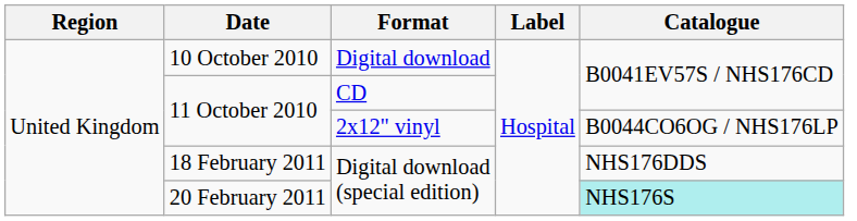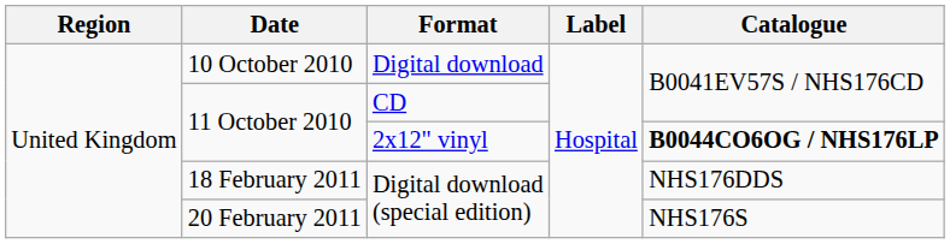 <table class=wikitable>
 <tr>
 <th>Region</th>
 <th>Date</th>
 <th>Format</th>
 <th>Label</th>
 <th>Catalogue</th>
 </tr>
 <tr>
 <td rowspan="5">United Kingdom</td>
 <td>10 October 2010</td>
 <td><a href='#'>Digital download</a></td>
 <td rowspan="5"><a href='#'>Hospital</a></td>
 <td rowspan="2">B0041EV57S / NHS176CD</td>
 </tr>
 <tr>
 <td rowspan="2">11 October 2010</td>
 <td><a href='#'>CD</a></td>
 </tr>
 <tr>
 <td><a href='#'>2x12" vinyl</a></td>
-<td>B0044CO6OG / NHS176LP</td>
+<td><strong>B0044CO6OG / NHS176LP</strong></td>
 </tr>
 <tr>
 <td>18 February 2011</td>
 <td rowspan="2">Digital download<br>(special edition)</td>
 <td>NHS176DDS</td>
 </tr>
 <tr>
 <td>20 February 2011</td>
-<td style="background: paleturquoise;">NHS176S</td>
+<td>NHS176S</td>
 </tr>
 </table>
